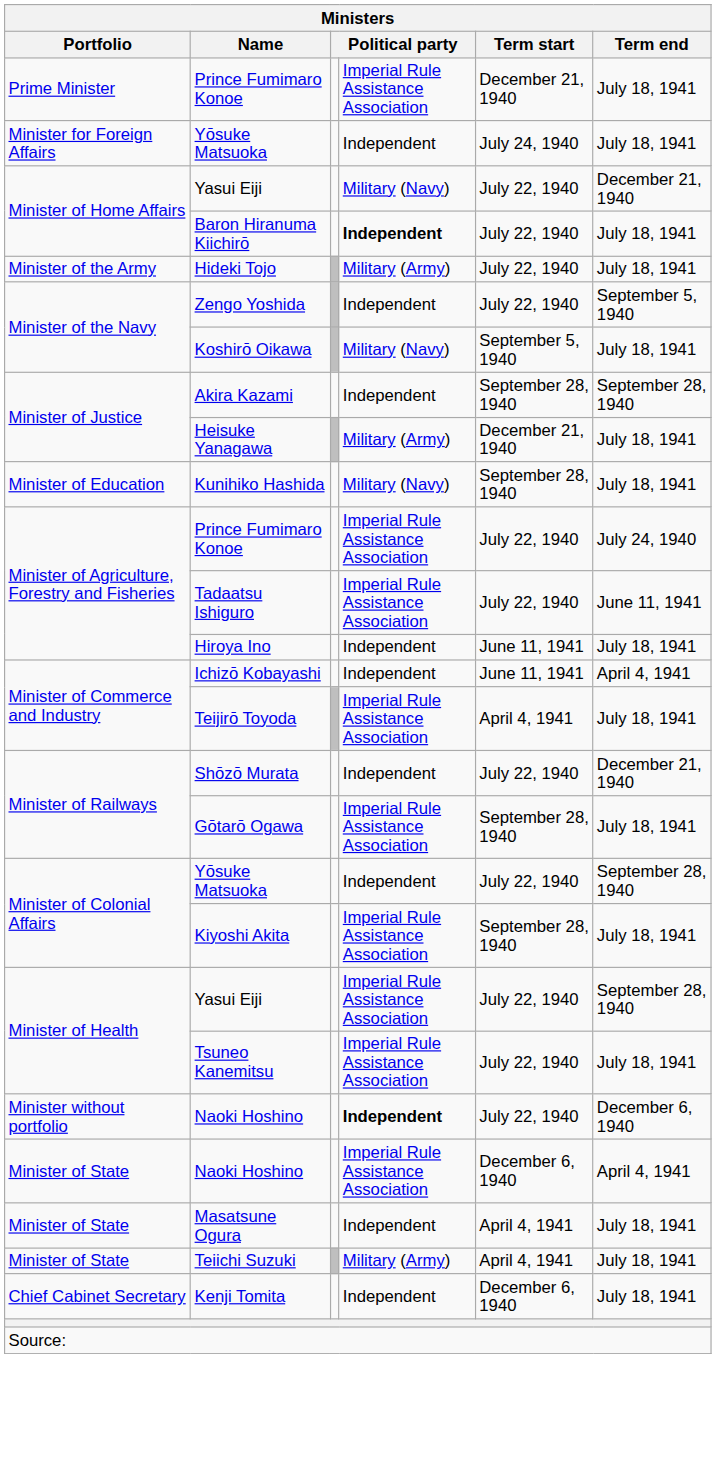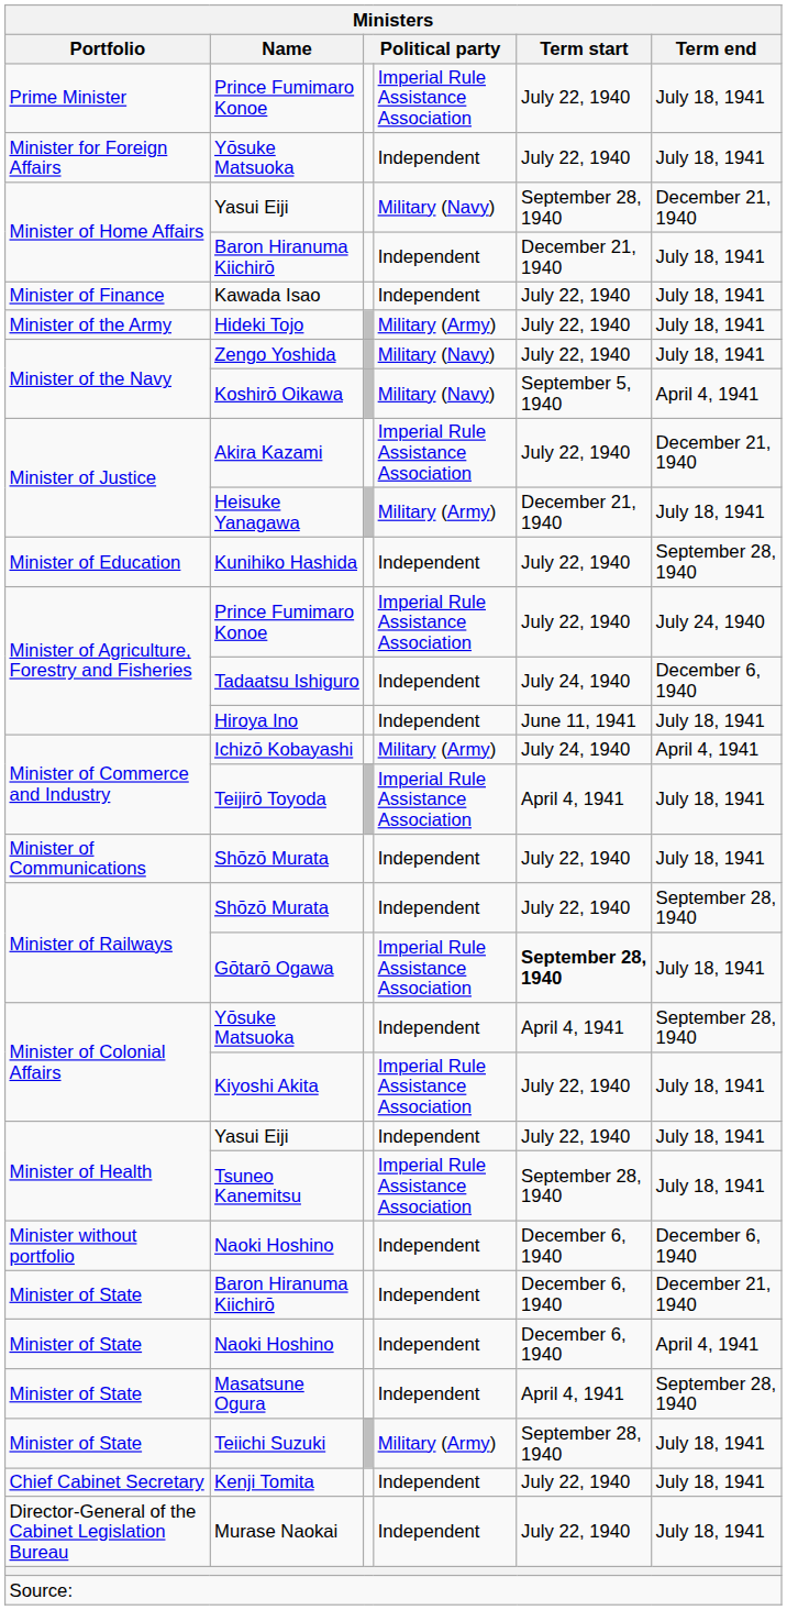 <table class="wikitable unsortable" style="font-size: 90%;">
 <tr>
 <th colspan="6">Ministers</th>
 </tr>
 <tr>
 <th scope="col" width="20%">Portfolio</th>
 <th scope="col" width="15%">Name</th>
 <th colspan="2" scope="col" width="13.5%">Political party</th>
 <th scope="col" width="12.5%">Term start</th>
 <th scope="col" width="12.5%">Term end</th>
 </tr>
 <tr>
 <td style="text-align: left;"><a href='#'>Prime Minister</a></td>
 <td><a href='#'>Prince Fumimaro Konoe</a></td>
 <td style="color:inherit;background:"></td>
 <td><a href='#'>Imperial Rule Assistance Association</a></td>
-<td>December 21, 1940</td>
+<td>July 22, 1940</td>
 <td>July 18, 1941</td>
 </tr>
 <tr>
 <td><a href='#'>Minister for Foreign Affairs</a></td>
 <td><a href='#'>Yōsuke Matsuoka</a></td>
 <td style="color:inherit;background:"></td>
 <td>Independent</td>
-<td>July 24, 1940</td>
+<td>July 22, 1940</td>
 <td>July 18, 1941</td>
 </tr>
 <tr>
 <td rowspan="2"><a href='#'>Minister of Home Affairs</a></td>
 <td>Yasui Eiji</td>
 <td style="color:inherit;background:"></td>
 <td><a href='#'>Military</a> (<a href='#'>Navy</a>)</td>
-<td>July 22, 1940</td>
+<td>September 28, 1940</td>
 <td>December 21, 1940</td>
 </tr>
 <tr>
 <td><a href='#'>Baron Hiranuma Kiichirō</a></td>
 <td style="color:inherit;background:"></td>
-<td><strong>Independent</strong></td>
+<td>Independent</td>
+<td>December 21, 1940</td>
+<td>July 18, 1941</td>
+</tr>
+<tr>
+<td><a href='#'>Minister of Finance</a></td>
+<td>Kawada Isao</td>
+<td style="color:inherit;background:"></td>
+<td>Independent</td>
 <td>July 22, 1940</td>
 <td>July 18, 1941</td>
 </tr>
 <tr>
 <td><a href='#'>Minister of the Army</a></td>
 <td><a href='#'>Hideki Tojo</a></td>
 <td style="color:inherit;background:#bfbfbf"></td>
 <td><a href='#'>Military</a> (<a href='#'>Army</a>)</td>
 <td>July 22, 1940</td>
 <td>July 18, 1941</td>
 </tr>
 <tr>
 <td rowspan="2"><a href='#'>Minister of the Navy</a></td>
 <td><a href='#'>Zengo Yoshida</a></td>
 <td style="color:inherit;background:#bfbfbf"></td>
-<td>Independent</td>
+<td><a href='#'>Military</a> (<a href='#'>Navy</a>)</td>
 <td>July 22, 1940</td>
-<td>September 5, 1940</td>
+<td>July 18, 1941</td>
 </tr>
 <tr>
 <td><a href='#'>Koshirō Oikawa</a></td>
 <td style="color:inherit;background:#bfbfbf"></td>
 <td><a href='#'>Military</a> (<a href='#'>Navy</a>)</td>
 <td>September 5, 1940</td>
-<td>July 18, 1941</td>
+<td>April 4, 1941</td>
 </tr>
 <tr>
 <td rowspan="2"><a href='#'>Minister of Justice</a></td>
 <td><a href='#'>Akira Kazami</a></td>
 <td style="color:inherit;background:"></td>
-<td>Independent</td>
-<td>September 28, 1940</td>
-<td>September 28, 1940</td>
+<td><a href='#'>Imperial Rule Assistance Association</a></td>
+<td>July 22, 1940</td>
+<td>December 21, 1940</td>
 </tr>
 <tr>
 <td><a href='#'>Heisuke Yanagawa</a></td>
 <td style="color:inherit;background:#bfbfbf"></td>
 <td><a href='#'>Military</a> (<a href='#'>Army</a>)</td>
 <td>December 21, 1940</td>
 <td>July 18, 1941</td>
 </tr>
 <tr>
 <td><a href='#'>Minister of Education</a></td>
 <td><a href='#'>Kunihiko Hashida</a></td>
 <td style="color:inherit;background:"></td>
-<td><a href='#'>Military</a> (<a href='#'>Navy</a>)</td>
+<td>Independent</td>
+<td>July 22, 1940</td>
 <td>September 28, 1940</td>
-<td>July 18, 1941</td>
 </tr>
 <tr>
 <td rowspan="3"><a href='#'>Minister of Agriculture, Forestry and Fisheries</a></td>
 <td><a href='#'>Prince Fumimaro Konoe</a></td>
 <td style="color:inherit;background:"></td>
 <td><a href='#'>Imperial Rule Assistance Association</a></td>
 <td>July 22, 1940</td>
 <td>July 24, 1940</td>
 </tr>
 <tr>
 <td><a href='#'>Tadaatsu Ishiguro</a></td>
 <td style="color:inherit;background:"></td>
-<td><a href='#'>Imperial Rule Assistance Association</a></td>
-<td>July 22, 1940</td>
-<td>June 11, 1941</td>
+<td>Independent</td>
+<td>July 24, 1940</td>
+<td>December 6, 1940</td>
 </tr>
 <tr>
 <td><a href='#'>Hiroya Ino</a></td>
 <td style="color:inherit;background:"></td>
 <td>Independent</td>
 <td>June 11, 1941</td>
 <td>July 18, 1941</td>
 </tr>
 <tr>
 <td rowspan="2"><a href='#'>Minister of Commerce and Industry</a></td>
 <td><a href='#'>Ichizō Kobayashi</a></td>
 <td style="color:inherit;background:"></td>
-<td>Independent</td>
-<td>June 11, 1941</td>
+<td><a href='#'>Military</a> (<a href='#'>Army</a>)</td>
+<td>July 24, 1940</td>
 <td>April 4, 1941</td>
 </tr>
 <tr>
 <td><a href='#'>Teijirō Toyoda</a></td>
 <td style="color:inherit;background:#bfbfbf"></td>
 <td><a href='#'>Imperial Rule Assistance Association</a></td>
 <td>April 4, 1941</td>
 <td>July 18, 1941</td>
 </tr>
 <tr>
+<td><a href='#'>Minister of Communications</a></td>
+<td><a href='#'>Shōzō Murata</a></td>
+<td style="color:inherit;background:"></td>
+<td>Independent</td>
+<td>July 22, 1940</td>
+<td>July 18, 1941</td>
+</tr>
+<tr>
 <td rowspan="2"><a href='#'>Minister of Railways</a></td>
 <td><a href='#'>Shōzō Murata</a></td>
 <td style="color:inherit;background:"></td>
 <td>Independent</td>
 <td>July 22, 1940</td>
-<td>December 21, 1940</td>
+<td>September 28, 1940</td>
 </tr>
 <tr>
 <td><a href='#'>Gōtarō Ogawa</a></td>
 <td style="color:inherit;background:"></td>
 <td><a href='#'>Imperial Rule Assistance Association</a></td>
-<td>September 28, 1940</td>
+<td><strong>September 28, 1940</strong></td>
 <td>July 18, 1941</td>
 </tr>
 <tr>
 <td rowspan="2"><a href='#'>Minister of Colonial Affairs</a></td>
 <td><a href='#'>Yōsuke Matsuoka</a></td>
 <td style="color:inherit;background:"></td>
 <td>Independent</td>
-<td>July 22, 1940</td>
+<td>April 4, 1941</td>
 <td>September 28, 1940</td>
 </tr>
 <tr>
 <td><a href='#'>Kiyoshi Akita</a></td>
 <td style="color:inherit;background:"></td>
 <td><a href='#'>Imperial Rule Assistance Association</a></td>
-<td>September 28, 1940</td>
+<td>July 22, 1940</td>
 <td>July 18, 1941</td>
 </tr>
 <tr>
 <td rowspan="2"><a href='#'>Minister of Health</a></td>
 <td>Yasui Eiji</td>
 <td style="color:inherit;background:"></td>
-<td><a href='#'>Imperial Rule Assistance Association</a></td>
+<td>Independent</td>
 <td>July 22, 1940</td>
-<td>September 28, 1940</td>
+<td>July 18, 1941</td>
 </tr>
 <tr>
 <td><a href='#'>Tsuneo Kanemitsu</a></td>
 <td style="color:inherit;background:"></td>
 <td><a href='#'>Imperial Rule Assistance Association</a></td>
-<td>July 22, 1940</td>
+<td>September 28, 1940</td>
 <td>July 18, 1941</td>
 </tr>
 <tr>
 <td><a href='#'>Minister without portfolio</a></td>
 <td><a href='#'>Naoki Hoshino</a></td>
 <td style="color:inherit;background:"></td>
-<td><strong>Independent</strong></td>
-<td>July 22, 1940</td>
+<td>Independent</td>
 <td>December 6, 1940</td>
+<td>December 6, 1940</td>
+</tr>
+<tr>
+<td><a href='#'>Minister of State</a></td>
+<td><a href='#'>Baron Hiranuma Kiichirō</a></td>
+<td style="color:inherit;background:"></td>
+<td>Independent</td>
+<td>December 6, 1940</td>
+<td>December 21, 1940</td>
 </tr>
 <tr>
 <td><a href='#'>Minister of State</a></td>
 <td><a href='#'>Naoki Hoshino</a></td>
 <td style="color:inherit;background:"></td>
-<td><a href='#'>Imperial Rule Assistance Association</a></td>
+<td>Independent</td>
 <td>December 6, 1940</td>
 <td>April 4, 1941</td>
 </tr>
 <tr>
 <td><a href='#'>Minister of State</a></td>
 <td><a href='#'>Masatsune Ogura</a></td>
 <td style="color:inherit;background:"></td>
 <td>Independent</td>
 <td>April 4, 1941</td>
-<td>July 18, 1941</td>
+<td>September 28, 1940</td>
 </tr>
 <tr>
 <td><a href='#'>Minister of State</a></td>
 <td><a href='#'>Teiichi Suzuki</a></td>
 <td style="color:inherit;background:#bfbfbf"></td>
 <td><a href='#'>Military</a> (<a href='#'>Army</a>)</td>
-<td>April 4, 1941</td>
+<td>September 28, 1940</td>
 <td>July 18, 1941</td>
 </tr>
 <tr>
 <td><a href='#'>Chief Cabinet Secretary</a></td>
 <td><a href='#'>Kenji Tomita</a></td>
 <td style="color:inherit;background:"></td>
 <td>Independent</td>
-<td>December 6, 1940</td>
+<td>July 22, 1940</td>
+<td>July 18, 1941</td>
+</tr>
+<tr>
+<td>Director-General of the <a href='#'>Cabinet Legislation Bureau</a></td>
+<td>Murase Naokai</td>
+<td style="color:inherit;background:"></td>
+<td>Independent</td>
+<td>July 22, 1940</td>
 <td>July 18, 1941</td>
 </tr>
 <tr>
 <th colspan="6"></th>
 </tr>
 <tr>
 <td colspan="6">Source:</td>
 </tr>
 </table>
